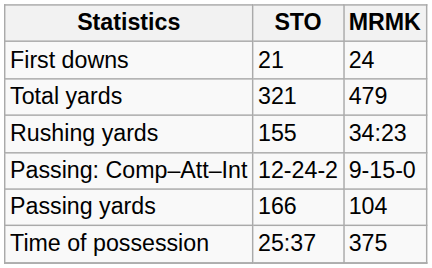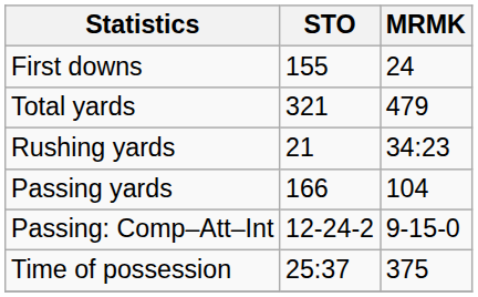 <table class="wikitable" style="float: left;">
 <tr>
 <th>Statistics</th>
 <th>STO</th>
 <th>MRMK</th>
 </tr>
 <tr>
 <td>First downs</td>
-<td>21</td>
+<td>155</td>
 <td>24</td>
 </tr>
 <tr>
 <td>Total yards</td>
 <td>321</td>
 <td>479</td>
 </tr>
 <tr>
 <td>Rushing yards</td>
-<td>155</td>
+<td>21</td>
 <td>34:23</td>
+</tr>
+<tr>
+<td>Passing yards</td>
+<td>166</td>
+<td>104</td>
 </tr>
 <tr>
 <td>Passing: Comp–Att–Int</td>
 <td>12-24-2</td>
 <td>9-15-0</td>
-</tr>
-<tr>
-<td>Passing yards</td>
-<td>166</td>
-<td>104</td>
 </tr>
 <tr>
 <td>Time of possession</td>
 <td>25:37</td>
 <td>375</td>
 </tr>
 <tr>
 </tr>
 </table>
